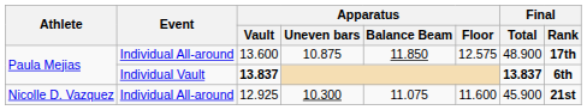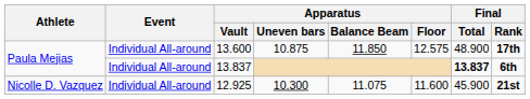 <table class="wikitable" style="font-size:90%">
 <tr>
 <th rowspan="2">Athlete</th>
 <th rowspan="2">Event</th>
 <th colspan = "4">Apparatus</th>
 <th colspan = "2">Final</th>
 </tr>
 <tr>
 <th>Vault</th>
 <th>Uneven bars</th>
 <th>Balance Beam</th>
 <th>Floor</th>
 <th>Total</th>
 <th>Rank</th>
 </tr>
 <tr>
 <td rowspan=2><a href='#'>Paula Mejias</a></td>
 <td><a href='#'>Individual All-around</a></td>
 <td align=center>13.600</td>
 <td align=center>10.875</td>
 <td align=center><u>11.850</u></td>
 <td align=center>12.575</td>
 <td align=center>48.900</td>
 <td align=center><strong>17th</strong></td>
 </tr>
 <tr>
-<td><a href='#'>Individual Vault</a></td>
-<td align=center><strong>13.837</strong></td>
+<td><a href='#'>Individual All-around</a></td>
+<td align=center>13.837</td>
 <td align=center colspan=3 bgcolor=wheat></td>
 <td align=center><strong>13.837</strong></td>
 <td align=center><strong>6th</strong></td>
 </tr>
 <tr>
 <td><a href='#'>Nicolle D. Vazquez</a></td>
 <td><a href='#'>Individual All-around</a></td>
 <td align=center>12.925</td>
 <td align=center><u>10.300</u></td>
 <td align=center>11.075</td>
 <td align=center>11.600</td>
 <td align=center>45.900</td>
 <td align=center><strong>21st</strong></td>
 </tr>
 </table>
